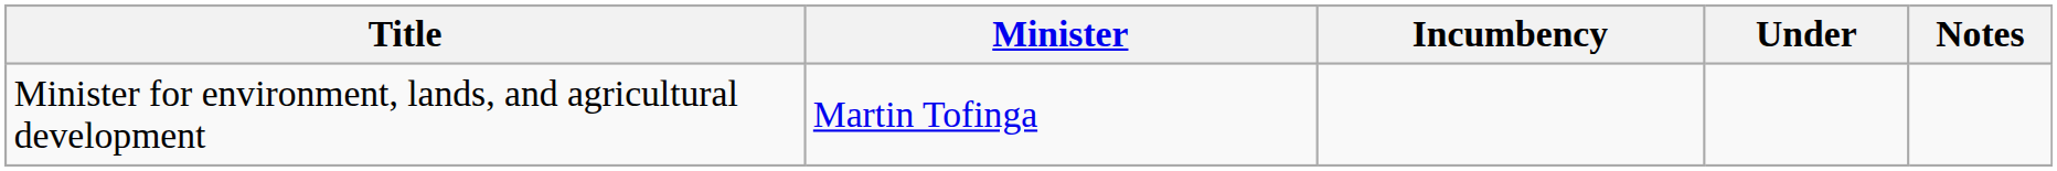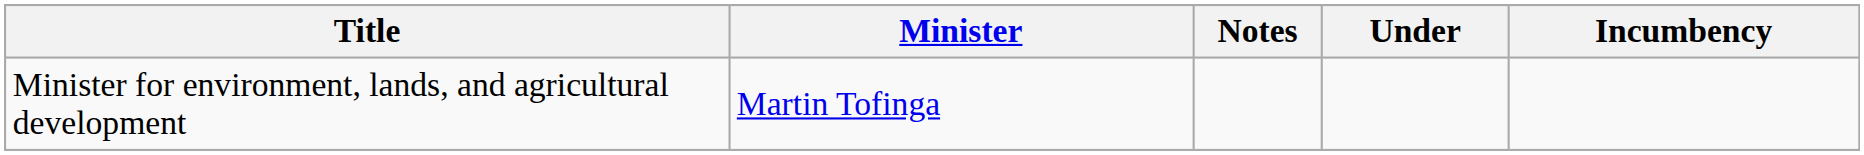 <table class="wikitable" style="width:100%;">
 <tr>
 <th>Title</th>
 <th style="width:25%;"><a href='#'>Minister</a></th>
+<th style="width:7%;">Notes</th>
+<th style="width:10%;">Under</th>
 <th style="width:160px;">Incumbency</th>
-<th style="width:10%;">Under</th>
-<th style="width:7%;">Notes</th>
 </tr>
 <tr>
 <td>Minister for environment, lands, and agricultural development</td>
 <td><a href='#'>Martin Tofinga</a></td>
 <td></td>
 <td></td>
 <td></td>
 </tr>
 </table>
